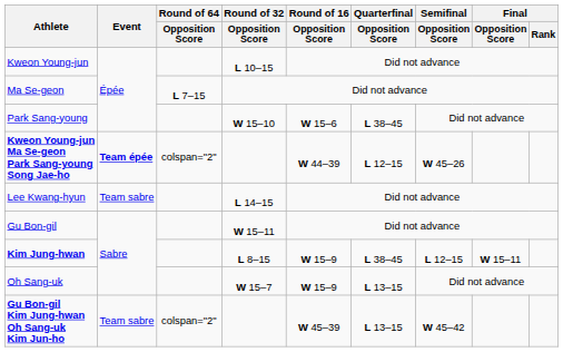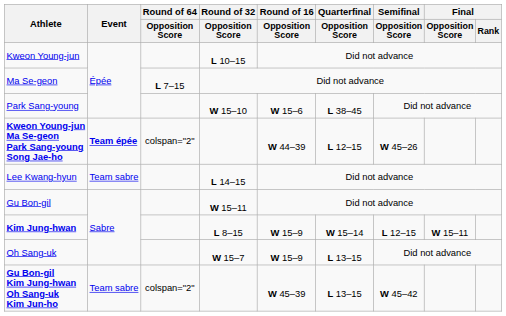 <table class="wikitable" style="font-size:90%; text-align:center">
 <tr>
 <th rowspan="2">Athlete</th>
 <th rowspan="2">Event</th>
 <th>Round of 64</th>
 <th>Round of 32</th>
 <th>Round of 16</th>
 <th>Quarterfinal</th>
 <th>Semifinal</th>
 <th colspan="2">Final</th>
 </tr>
 <tr style="font-size:95%">
 <th>Opposition<br>Score</th>
 <th>Opposition<br>Score</th>
 <th>Opposition<br>Score</th>
 <th>Opposition<br>Score</th>
 <th>Opposition<br>Score</th>
 <th>Opposition<br>Score</th>
 <th>Rank</th>
 </tr>
 <tr>
 <td style="text-align:left"><a href='#'>Kweon Young-jun</a></td>
 <td rowspan="3" style="text-align:left"><a href='#'>Épée</a></td>
 <td></td>
 <td><br><strong>L</strong> 10–15</td>
 <td colspan="5">Did not advance</td>
 </tr>
 <tr>
 <td style="text-align:left"><a href='#'>Ma Se-geon</a></td>
 <td><br><strong>L</strong> 7–15</td>
 <td colspan="7">Did not advance</td>
 </tr>
 <tr>
 <td style="text-align:left"><a href='#'>Park Sang-young</a></td>
 <td></td>
 <td><br><strong>W</strong> 15–10</td>
 <td><br><strong>W</strong> 15–6</td>
 <td><br><strong>L</strong> 38–45</td>
 <td colspan="3">Did not advance</td>
 </tr>
 <tr>
 <td style="text-align:left"><strong><a href='#'>Kweon Young-jun</a></strong><br><strong><a href='#'>Ma Se-geon</a></strong><br><strong><a href='#'>Park Sang-young</a></strong><br><strong><a href='#'>Song Jae-ho</a></strong></td>
 <td style="text-align:left"><strong><a href='#'>Team épée</a></strong></td>
 <td>colspan="2" </td>
 <td></td>
 <td><br><strong>W</strong> 44–39</td>
 <td><br><strong>L</strong> 12–15</td>
 <td><br><strong>W</strong> 45–26</td>
 <td></td>
 </tr>
 <tr>
 <td style="text-align:left"><a href='#'>Lee Kwang-hyun</a></td>
 <td style="text-align:left"><a href='#'>Team sabre</a></td>
 <td></td>
 <td><br><strong>L</strong> 14–15</td>
 <td colspan="5">Did not advance</td>
 </tr>
 <tr>
 <td style="text-align:left"><a href='#'>Gu Bon-gil</a></td>
 <td rowspan="3" style="text-align:left"><a href='#'>Sabre</a></td>
 <td></td>
 <td><br><strong>W</strong> 15–11</td>
 <td colspan="5">Did not advance</td>
 </tr>
 <tr>
 <td style="text-align:left"><strong><a href='#'>Kim Jung-hwan</a></strong></td>
 <td></td>
 <td><br><strong>L</strong> 8–15</td>
 <td><br><strong>W</strong> 15–9</td>
-<td><br><strong>L</strong> 38–45</td>
+<td><br><strong>W</strong> 15–14</td>
 <td><br><strong>L</strong> 12–15</td>
 <td><br><strong>W</strong> 15–11</td>
 <td></td>
 </tr>
 <tr>
 <td style="text-align:left"><a href='#'>Oh Sang-uk</a></td>
 <td></td>
 <td><br><strong>W</strong> 15–7</td>
 <td><br><strong>W</strong> 15–9</td>
 <td><br><strong>L</strong> 13–15</td>
 <td colspan="3">Did not advance</td>
 </tr>
 <tr>
 <td style="text-align:left"><strong><a href='#'>Gu Bon-gil</a><br><a href='#'>Kim Jung-hwan</a><br><a href='#'>Oh Sang-uk</a><br><a href='#'>Kim Jun-ho</a></strong></td>
 <td style="text-align:left"><a href='#'>Team sabre</a></td>
 <td>colspan="2" </td>
 <td></td>
 <td><br><strong>W</strong> 45–39</td>
 <td><br><strong>L</strong> 13–15</td>
 <td><br><strong>W</strong> 45–42</td>
 <td></td>
 </tr>
 </table>
